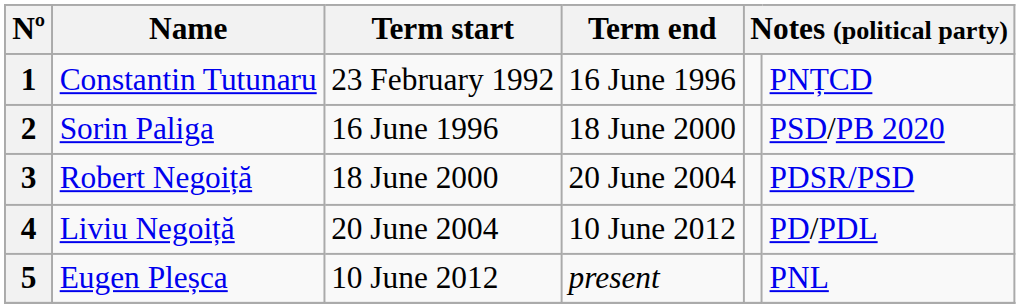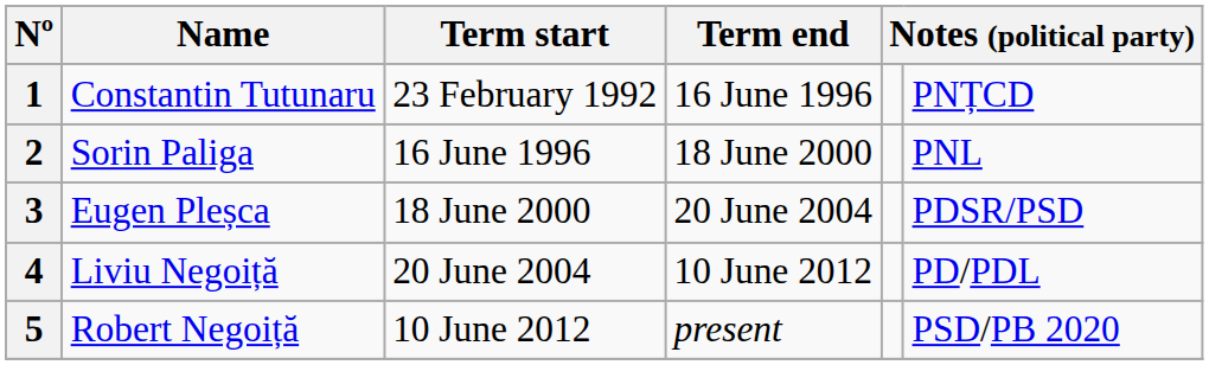 <table class="wikitable">
 <tr>
 <th>Nº</th>
 <th>Name</th>
 <th>Term start</th>
 <th>Term end</th>
 <th colspan=2>Notes <small>(political party)</small></th>
 </tr>
 <tr>
 <th>1</th>
 <td><a href='#'>Constantin Tutunaru</a></td>
 <td>23 February 1992</td>
 <td>16 June 1996</td>
 <td style="background:"></td>
 <td><a href='#'>PNȚCD</a></td>
 </tr>
 <tr>
 <th>2</th>
 <td><a href='#'>Sorin Paliga</a></td>
 <td>16 June 1996</td>
 <td>18 June 2000</td>
 <td style="background:"></td>
-<td><a href='#'>PSD</a>/<a href='#'>PB 2020</a></td>
+<td><a href='#'>PNL</a></td>
 </tr>
 <tr>
 <th>3</th>
-<td><a href='#'>Robert Negoiță</a></td>
+<td><a href='#'>Eugen Pleșca</a></td>
 <td>18 June 2000</td>
 <td>20 June 2004</td>
 <td style="background:"></td>
 <td><a href='#'>PDSR/PSD</a></td>
 </tr>
 <tr>
 <th>4</th>
 <td><a href='#'>Liviu Negoiță</a></td>
 <td>20 June 2004</td>
 <td>10 June 2012</td>
 <td style="background:"></td>
 <td><a href='#'>PD</a>/<a href='#'>PDL</a></td>
 </tr>
 <tr>
 <th>5</th>
-<td><a href='#'>Eugen Pleșca</a></td>
+<td><a href='#'>Robert Negoiță</a></td>
 <td>10 June 2012</td>
 <td><em>present</em></td>
 <td style="background:"></td>
-<td><a href='#'>PNL</a></td>
+<td><a href='#'>PSD</a>/<a href='#'>PB 2020</a></td>
 </tr>
 <tr>
 </tr>
 </table>
